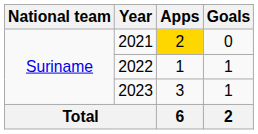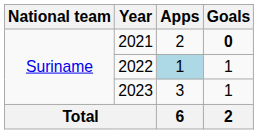 <table class="wikitable" style="text-align: center;">
 <tr>
 <th>National team</th>
 <th>Year</th>
 <th>Apps</th>
 <th>Goals</th>
 </tr>
 <tr>
 <td rowspan="3"><a href='#'>Suriname</a></td>
 <td>2021</td>
-<td style="background: gold;">2</td>
-<td>0</td>
+<td>2</td>
+<td><strong>0</strong></td>
 </tr>
 <tr>
 <td>2022</td>
-<td>1</td>
+<td style="background: lightblue;">1</td>
 <td>1</td>
 </tr>
 <tr>
 <td>2023</td>
 <td>3</td>
 <td>1</td>
 </tr>
 <tr>
 <th colspan="2">Total</th>
 <th>6</th>
 <th>2</th>
 </tr>
 </table>
